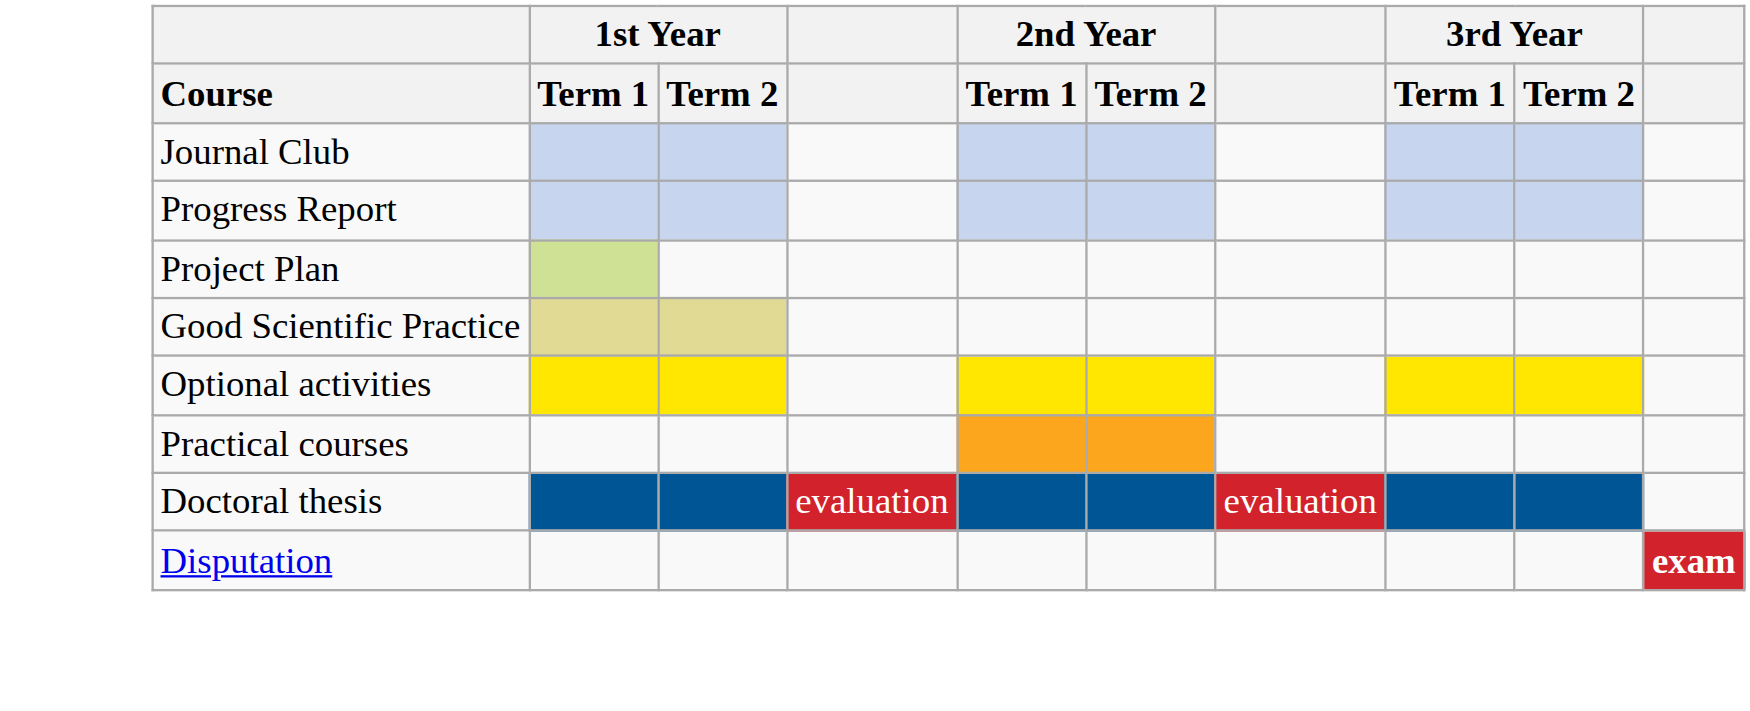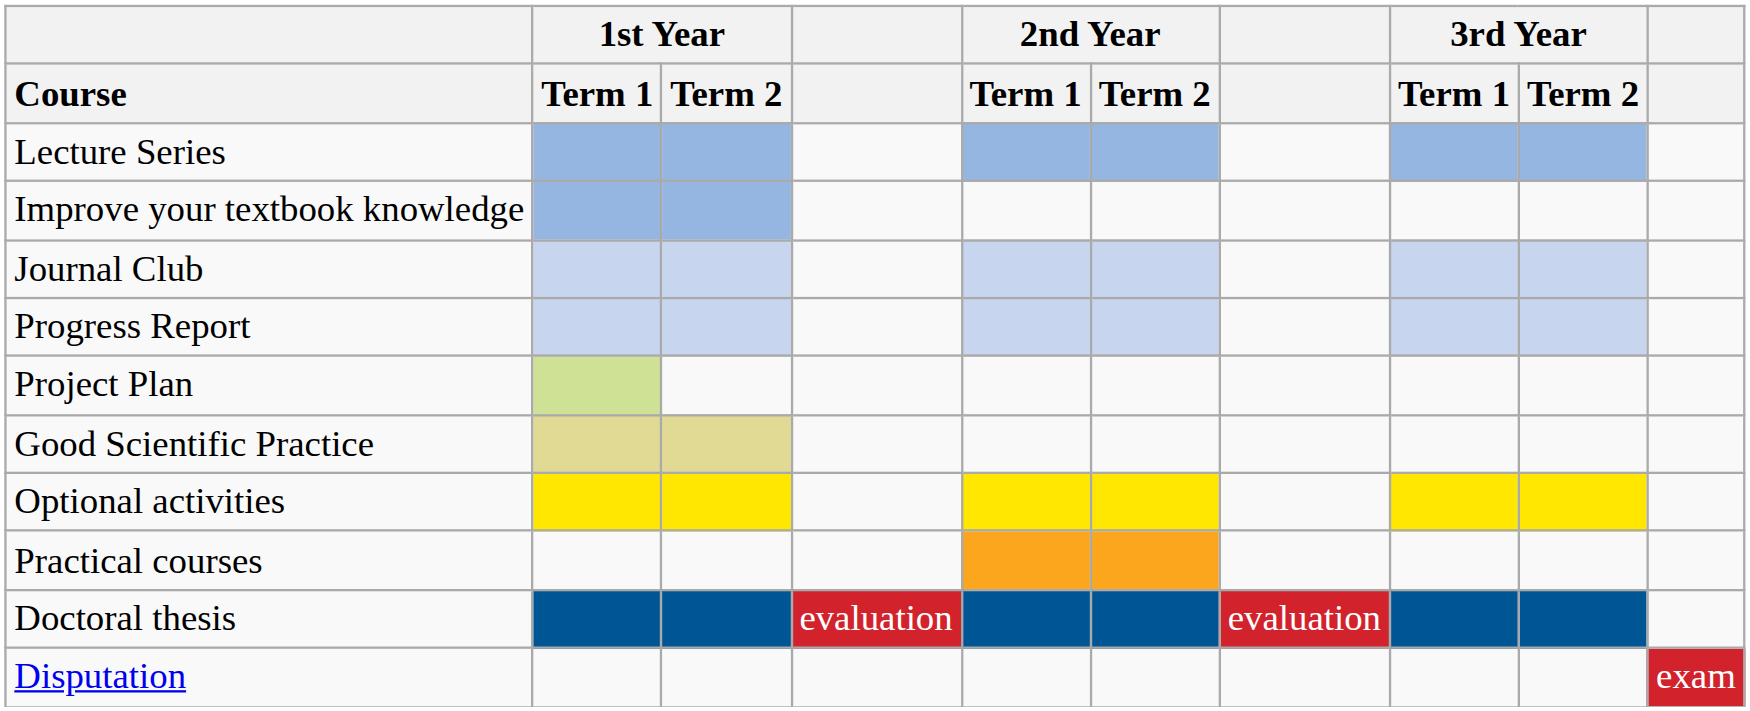 <table class="wikitable" style="border: 1px solid darkgray; float: right; margin-left:1em;">
 <tr>
 <th scope="col"></th>
 <th scope="col" colspan="2">1st Year</th>
 <th scope="col"></th>
 <th scope="col" colspan="2">2nd Year</th>
 <th scope="col"></th>
 <th scope="col" colspan="2">3rd Year</th>
 <th scope="col"></th>
 </tr>
 <tr>
 <th scope="col" style="text-align: left;">Course</th>
 <th scope="col">Term 1</th>
 <th scope="col">Term 2</th>
 <th scope="col"></th>
 <th scope="col">Term 1</th>
 <th scope="col">Term 2</th>
 <th scope="col"></th>
 <th scope="col">Term 1</th>
 <th scope="col">Term 2</th>
 <th scope="col"></th>
+</tr>
+<tr>
+<td>Lecture Series</td>
+<td style="background: #95b6e1"></td>
+<td style="background: #95b6e1"></td>
+<td></td>
+<td style="background: #95b6e1"></td>
+<td style="background: #95b6e1"></td>
+<td></td>
+<td style="background: #95b6e1"></td>
+<td style="background: #95b6e1"></td>
+<td></td>
+</tr>
+<tr>
+<td>Improve your textbook knowledge</td>
+<td style="background: #95b6e1"></td>
+<td style="background: #95b6e1"></td>
+<td></td>
+<td></td>
+<td></td>
+<td></td>
+<td></td>
+<td></td>
+<td></td>
 </tr>
 <tr>
 <td>Journal Club</td>
 <td style="background: #c7d5ef"></td>
 <td style="background: #c7d5ef"></td>
 <td></td>
 <td style="background: #c7d5ef"></td>
 <td style="background: #c7d5ef"></td>
 <td></td>
 <td style="background: #c7d5ef"></td>
 <td style="background: #c7d5ef"></td>
 <td></td>
 </tr>
 <tr>
 <td>Progress Report</td>
 <td style="background: #c7d5ef"></td>
 <td style="background: #c7d5ef"></td>
 <td></td>
 <td style="background: #c7d5ef"></td>
 <td style="background: #c7d5ef"></td>
 <td></td>
 <td style="background: #c7d5ef"></td>
 <td style="background: #c7d5ef"></td>
 <td></td>
 </tr>
 <tr>
 <td>Project Plan</td>
 <td style="background: #cfe195"></td>
 <td></td>
 <td></td>
 <td></td>
 <td></td>
 <td></td>
 <td></td>
 <td></td>
 <td></td>
 </tr>
 <tr>
 <td>Good Scientific Practice</td>
 <td style="background: #e1da95"></td>
 <td style="background: #e1da95"></td>
 <td></td>
 <td></td>
 <td></td>
 <td></td>
 <td></td>
 <td></td>
 </tr>
 <tr>
 <td>Optional activities</td>
 <td style="background: #ffe701"></td>
 <td style="background: #ffe701"></td>
 <td></td>
 <td style="background: #ffe701"></td>
 <td style="background: #ffe701"></td>
 <td></td>
 <td style="background: #ffe701"></td>
 <td style="background: #ffe701"></td>
 <td></td>
 </tr>
 <tr>
 <td>Practical courses</td>
 <td></td>
 <td></td>
 <td></td>
 <td style="background: #fca61d"></td>
 <td style="background: #fca61d"></td>
 <td></td>
 <td></td>
 <td></td>
 <td></td>
 </tr>
 <tr>
 <td>Doctoral thesis</td>
 <td style="background: #005595"></td>
 <td style="background: #005595"></td>
 <td style="background: #d2222c; color: #ffffff">evaluation</td>
 <td style="background: #005595"></td>
 <td style="background: #005595"></td>
 <td style="background: #d2222c; color: #ffffff">evaluation</td>
 <td style="background: #005595"></td>
 <td style="background: #005595"></td>
 <td></td>
 </tr>
 <tr>
 <td><a href='#'>Disputation</a></td>
 <td></td>
 <td></td>
 <td></td>
 <td></td>
 <td></td>
 <td></td>
 <td></td>
 <td></td>
-<td style="background: #d2222c; color: #ffffff"><strong>exam</strong></td>
+<td style="background: #d2222c; color: #ffffff">exam</td>
 </tr>
 </table>
